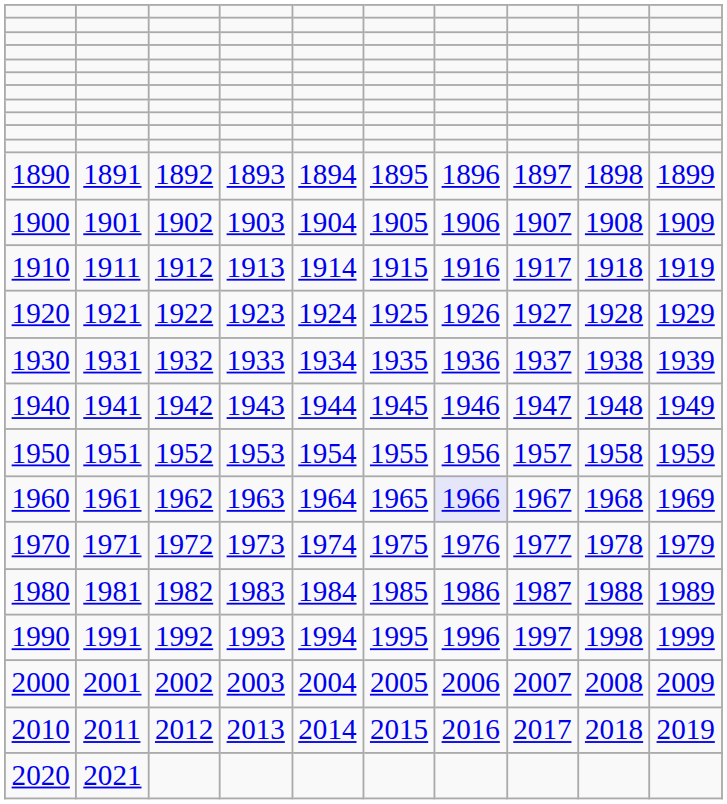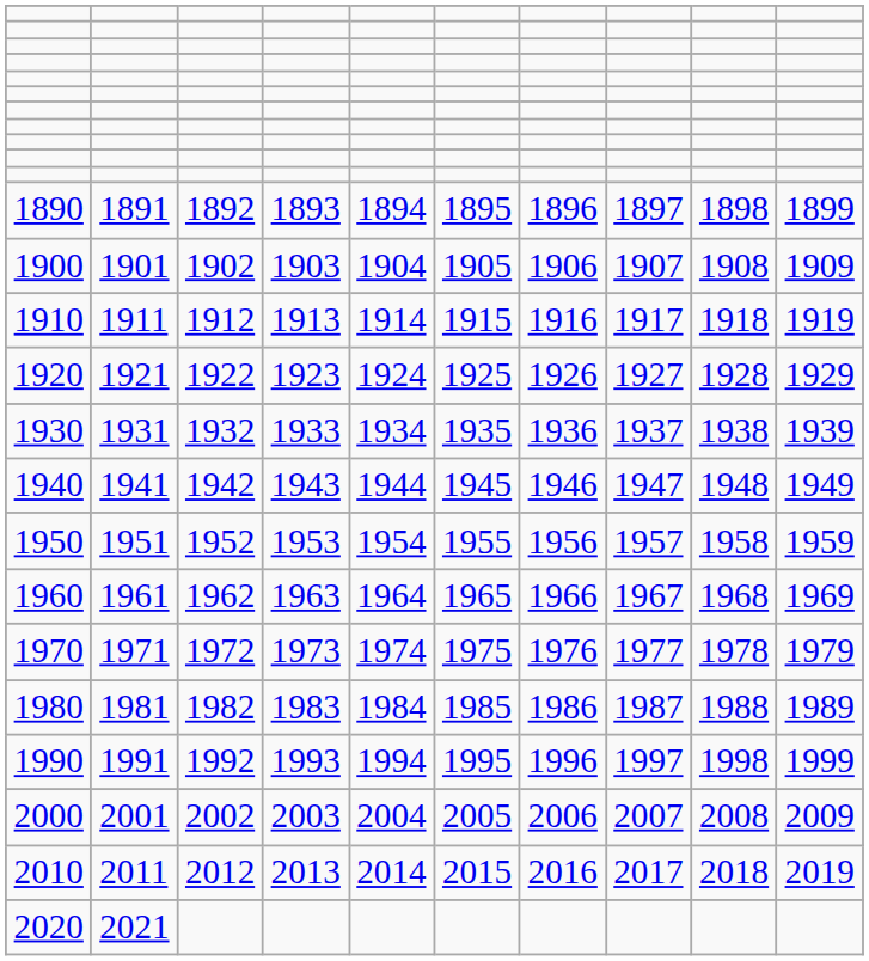 <table class="wikitable">
 <tr>
 <td></td>
 <td></td>
 <td></td>
 <td></td>
 <td></td>
 <td></td>
 <td></td>
 <td></td>
 <td></td>
 <td></td>
 </tr>
 <tr>
 <td></td>
 <td></td>
 <td></td>
 <td></td>
 <td></td>
 <td></td>
 <td></td>
 <td></td>
 <td></td>
 <td></td>
 </tr>
 <tr>
 <td></td>
 <td></td>
 <td></td>
 <td></td>
 <td></td>
 <td></td>
 <td></td>
 <td></td>
 <td></td>
 <td></td>
 </tr>
 <tr>
 <td></td>
 <td></td>
 <td></td>
 <td></td>
 <td></td>
 <td></td>
 <td></td>
 <td></td>
 <td></td>
 <td></td>
 </tr>
 <tr>
 <td></td>
 <td></td>
 <td></td>
 <td></td>
 <td></td>
 <td></td>
 <td></td>
 <td></td>
 <td></td>
 <td></td>
 </tr>
 <tr>
 <td></td>
 <td></td>
 <td></td>
 <td></td>
 <td></td>
 <td></td>
 <td></td>
 <td></td>
 <td></td>
 <td></td>
 </tr>
 <tr>
 <td></td>
 <td></td>
 <td></td>
 <td></td>
 <td></td>
 <td></td>
 <td></td>
 <td></td>
 <td></td>
 <td></td>
 </tr>
 <tr>
 <td></td>
 <td></td>
 <td></td>
 <td></td>
 <td></td>
 <td></td>
 <td></td>
 <td></td>
 <td></td>
 <td></td>
 </tr>
 <tr>
 <td></td>
 <td></td>
 <td></td>
 <td></td>
 <td></td>
 <td></td>
 <td></td>
 <td></td>
 <td></td>
 <td></td>
 </tr>
 <tr>
 <td></td>
 <td></td>
 <td></td>
 <td></td>
 <td></td>
 <td></td>
 <td></td>
 <td></td>
 <td></td>
 <td></td>
 </tr>
 <tr>
 <td></td>
 <td></td>
 <td></td>
 <td></td>
 <td></td>
 <td></td>
 <td></td>
 <td></td>
 <td></td>
 <td></td>
 </tr>
 <tr>
 <td><a href='#'>1890</a></td>
 <td><a href='#'>1891</a></td>
 <td><a href='#'>1892</a></td>
 <td><a href='#'>1893</a></td>
 <td><a href='#'>1894</a></td>
 <td><a href='#'>1895</a></td>
 <td><a href='#'>1896</a></td>
 <td><a href='#'>1897</a></td>
 <td><a href='#'>1898</a></td>
 <td><a href='#'>1899</a></td>
 </tr>
 <tr>
 <td><a href='#'>1900</a></td>
 <td><a href='#'>1901</a></td>
 <td><a href='#'>1902</a></td>
 <td><a href='#'>1903</a></td>
 <td><a href='#'>1904</a></td>
 <td><a href='#'>1905</a></td>
 <td><a href='#'>1906</a></td>
 <td><a href='#'>1907</a></td>
 <td><a href='#'>1908</a></td>
 <td><a href='#'>1909</a></td>
 </tr>
 <tr>
 <td><a href='#'>1910</a></td>
 <td><a href='#'>1911</a></td>
 <td><a href='#'>1912</a></td>
 <td><a href='#'>1913</a></td>
 <td><a href='#'>1914</a></td>
 <td><a href='#'>1915</a></td>
 <td><a href='#'>1916</a></td>
 <td><a href='#'>1917</a></td>
 <td><a href='#'>1918</a></td>
 <td><a href='#'>1919</a></td>
 </tr>
 <tr>
 <td><a href='#'>1920</a></td>
 <td><a href='#'>1921</a></td>
 <td><a href='#'>1922</a></td>
 <td><a href='#'>1923</a></td>
 <td><a href='#'>1924</a></td>
 <td><a href='#'>1925</a></td>
 <td><a href='#'>1926</a></td>
 <td><a href='#'>1927</a></td>
 <td><a href='#'>1928</a></td>
 <td><a href='#'>1929</a></td>
 </tr>
 <tr>
 <td><a href='#'>1930</a></td>
 <td><a href='#'>1931</a></td>
 <td><a href='#'>1932</a></td>
 <td><a href='#'>1933</a></td>
 <td><a href='#'>1934</a></td>
 <td><a href='#'>1935</a></td>
 <td><a href='#'>1936</a></td>
 <td><a href='#'>1937</a></td>
 <td><a href='#'>1938</a></td>
 <td><a href='#'>1939</a></td>
 </tr>
 <tr>
 <td><a href='#'>1940</a></td>
 <td><a href='#'>1941</a></td>
 <td><a href='#'>1942</a></td>
 <td><a href='#'>1943</a></td>
 <td><a href='#'>1944</a></td>
 <td><a href='#'>1945</a></td>
 <td><a href='#'>1946</a></td>
 <td><a href='#'>1947</a></td>
 <td><a href='#'>1948</a></td>
 <td><a href='#'>1949</a></td>
 </tr>
 <tr>
 <td><a href='#'>1950</a></td>
 <td><a href='#'>1951</a></td>
 <td><a href='#'>1952</a></td>
 <td><a href='#'>1953</a></td>
 <td><a href='#'>1954</a></td>
 <td><a href='#'>1955</a></td>
 <td><a href='#'>1956</a></td>
 <td><a href='#'>1957</a></td>
 <td><a href='#'>1958</a></td>
 <td><a href='#'>1959</a></td>
 </tr>
 <tr>
 <td><a href='#'>1960</a></td>
 <td><a href='#'>1961</a></td>
 <td><a href='#'>1962</a></td>
 <td><a href='#'>1963</a></td>
 <td><a href='#'>1964</a></td>
 <td><a href='#'>1965</a></td>
-<td style="background: lavender;"><a href='#'>1966</a></td>
+<td><a href='#'>1966</a></td>
 <td><a href='#'>1967</a></td>
 <td><a href='#'>1968</a></td>
 <td><a href='#'>1969</a></td>
 </tr>
 <tr>
 <td><a href='#'>1970</a></td>
 <td><a href='#'>1971</a></td>
 <td><a href='#'>1972</a></td>
 <td><a href='#'>1973</a></td>
 <td><a href='#'>1974</a></td>
 <td><a href='#'>1975</a></td>
 <td><a href='#'>1976</a></td>
 <td><a href='#'>1977</a></td>
 <td><a href='#'>1978</a></td>
 <td><a href='#'>1979</a></td>
 </tr>
 <tr>
 <td><a href='#'>1980</a></td>
 <td><a href='#'>1981</a></td>
 <td><a href='#'>1982</a></td>
 <td><a href='#'>1983</a></td>
 <td><a href='#'>1984</a></td>
 <td><a href='#'>1985</a></td>
 <td><a href='#'>1986</a></td>
 <td><a href='#'>1987</a></td>
 <td><a href='#'>1988</a></td>
 <td><a href='#'>1989</a></td>
 </tr>
 <tr>
 <td><a href='#'>1990</a></td>
 <td><a href='#'>1991</a></td>
 <td><a href='#'>1992</a></td>
 <td><a href='#'>1993</a></td>
 <td><a href='#'>1994</a></td>
 <td><a href='#'>1995</a></td>
 <td><a href='#'>1996</a></td>
 <td><a href='#'>1997</a></td>
 <td><a href='#'>1998</a></td>
 <td><a href='#'>1999</a></td>
 </tr>
 <tr>
 <td><a href='#'>2000</a></td>
 <td><a href='#'>2001</a></td>
 <td><a href='#'>2002</a></td>
 <td><a href='#'>2003</a></td>
 <td><a href='#'>2004</a></td>
 <td><a href='#'>2005</a></td>
 <td><a href='#'>2006</a></td>
 <td><a href='#'>2007</a></td>
 <td><a href='#'>2008</a></td>
 <td><a href='#'>2009</a></td>
 </tr>
 <tr>
 <td><a href='#'>2010</a></td>
 <td><a href='#'>2011</a></td>
 <td><a href='#'>2012</a></td>
 <td><a href='#'>2013</a></td>
 <td><a href='#'>2014</a></td>
 <td><a href='#'>2015</a></td>
 <td><a href='#'>2016</a></td>
 <td><a href='#'>2017</a></td>
 <td><a href='#'>2018</a></td>
 <td><a href='#'>2019</a></td>
 </tr>
 <tr>
 <td><a href='#'>2020</a></td>
 <td><a href='#'>2021</a></td>
 <td></td>
 <td></td>
 <td></td>
 <td></td>
 <td></td>
 <td></td>
 <td></td>
 <td></td>
 </tr>
 </table>
